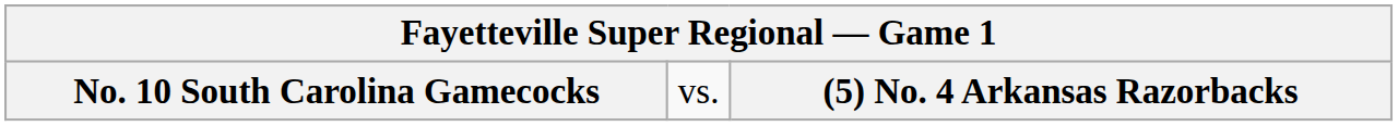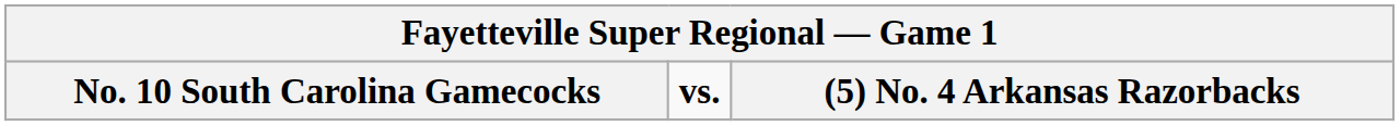 <table class="wikitable">
 <tr>
 <th style="width: 595px;" colspan=3>Fayetteville Super Regional — Game 1</th>
 </tr>
 <tr>
 <th style="width: 287px; ">No. 10 South Carolina Gamecocks</th>
-<td style="width: 20px; text-align:center">vs.</td>
+<td style="width: 20px; text-align:center"><strong>vs.</strong></td>
 <th style="width: 287px; ">(5) No. 4 Arkansas Razorbacks</th>
 </tr>
 </table>
